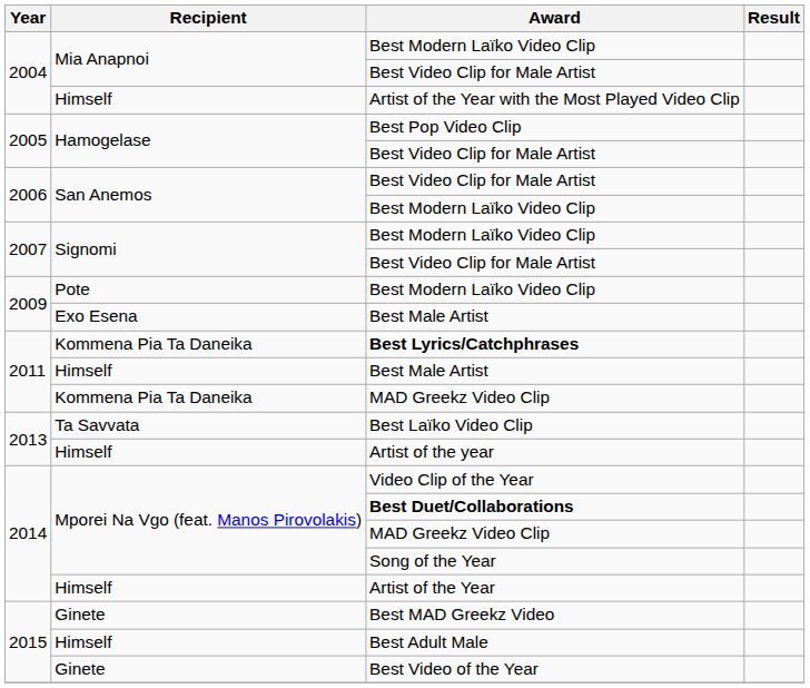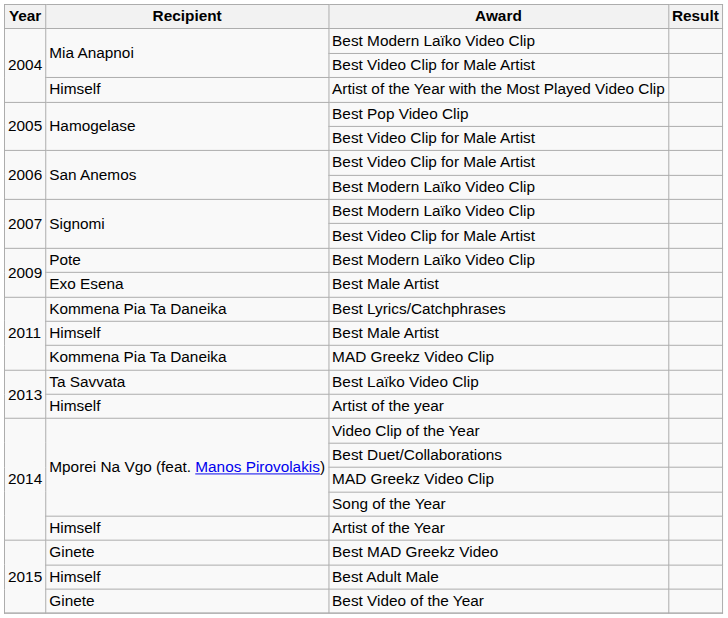 <table class="wikitable">
 <tr>
 <th>Year</th>
 <th>Recipient</th>
 <th>Award</th>
 <th>Result</th>
 </tr>
 <tr>
 <td rowspan="3">2004</td>
 <td rowspan="2">Mia Anapnoi</td>
 <td>Best Modern Laïko Video Clip</td>
 <td></td>
 </tr>
 <tr>
 <td>Best Video Clip for Male Artist</td>
 <td></td>
 </tr>
 <tr>
 <td>Himself</td>
 <td>Artist of the Year with the Most Played Video Clip</td>
 <td></td>
 </tr>
 <tr>
 <td rowspan="2">2005</td>
 <td rowspan="2">Hamogelase</td>
 <td>Best Pop Video Clip</td>
 <td></td>
 </tr>
 <tr>
 <td>Best Video Clip for Male Artist</td>
 <td></td>
 </tr>
 <tr>
 <td rowspan="2">2006</td>
 <td rowspan="2">San Anemos</td>
 <td>Best Video Clip for Male Artist</td>
 <td></td>
 </tr>
 <tr>
 <td>Best Modern Laïko Video Clip</td>
 <td></td>
 </tr>
 <tr>
 <td rowspan="2">2007</td>
 <td rowspan="2">Signomi</td>
 <td>Best Modern Laïko Video Clip</td>
 <td></td>
 </tr>
 <tr>
 <td>Best Video Clip for Male Artist</td>
 <td></td>
 </tr>
 <tr>
 <td rowspan="2">2009</td>
 <td>Pote</td>
 <td>Best Modern Laïko Video Clip</td>
 <td></td>
 </tr>
 <tr>
 <td>Exo Esena</td>
 <td>Best Male Artist</td>
 <td></td>
 </tr>
 <tr>
 <td rowspan="3">2011</td>
 <td>Kommena Pia Ta Daneika</td>
-<td><strong>Best Lyrics/Catchphrases</strong></td>
+<td>Best Lyrics/Catchphrases</td>
 <td></td>
 </tr>
 <tr>
 <td>Himself</td>
 <td>Best Male Artist</td>
 <td></td>
 </tr>
 <tr>
 <td>Kommena Pia Ta Daneika</td>
 <td>MAD Greekz Video Clip</td>
 <td></td>
 </tr>
 <tr>
 <td rowspan="2">2013</td>
 <td>Ta Savvata</td>
 <td>Best Laïko Video Clip</td>
 <td></td>
 </tr>
 <tr>
 <td>Himself</td>
 <td>Artist of the year</td>
 <td></td>
 </tr>
 <tr>
 <td rowspan="5">2014</td>
 <td rowspan="4">Mporei Na Vgo (feat. <a href='#'>Manos Pirovolakis</a>)</td>
 <td>Video Clip of the Year</td>
 <td></td>
 </tr>
 <tr>
-<td><strong>Best Duet/Collaborations</strong></td>
+<td>Best Duet/Collaborations</td>
 <td></td>
 </tr>
 <tr>
 <td>MAD Greekz Video Clip</td>
 <td></td>
 </tr>
 <tr>
 <td>Song of the Year</td>
 <td></td>
 </tr>
 <tr>
 <td>Himself</td>
 <td>Artist of the Year</td>
 <td></td>
 </tr>
 <tr>
 <td rowspan="3">2015</td>
 <td>Ginete</td>
 <td>Best MAD Greekz Video</td>
 <td></td>
 </tr>
 <tr>
 <td>Himself</td>
 <td>Best Adult Male</td>
 <td></td>
 </tr>
 <tr>
 <td>Ginete</td>
 <td>Best Video of the Year</td>
 <td></td>
 </tr>
 <tr>
 </tr>
 </table>
